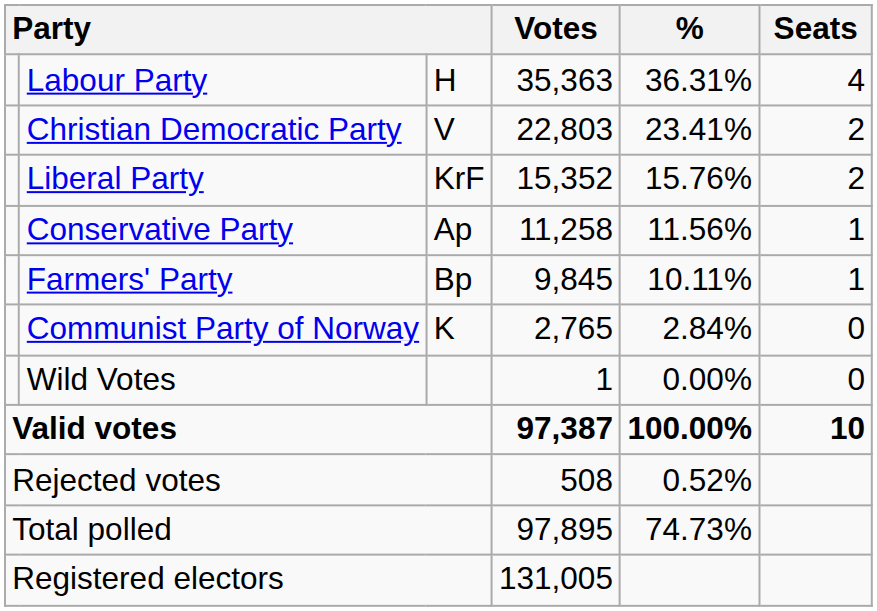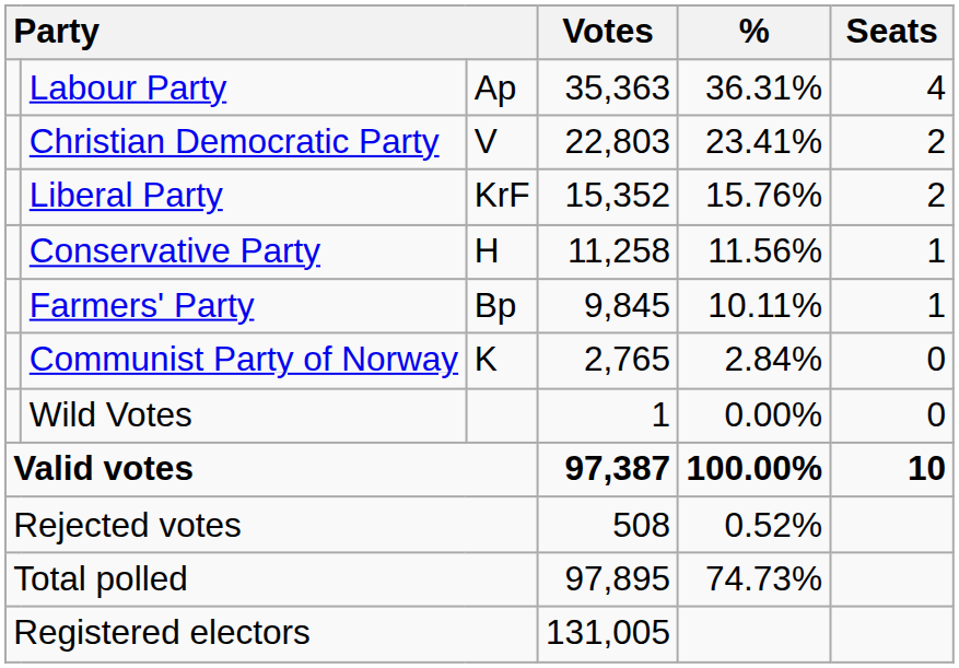 <table class="wikitable" border="1" style="text-align:right;">
 <tr>
 <th style="text-align:left;" colspan=3>Party</th>
 <th align=center width="50">Votes</th>
 <th align=center width="50">%</th>
 <th align=center width="50">Seats</th>
 </tr>
 <tr>
 <td style="color:inherit;background:"></td>
 <td align=left><a href='#'>Labour Party</a></td>
-<td align=left>H</td>
+<td align=left>Ap</td>
 <td>35,363</td>
 <td>36.31%</td>
 <td>4</td>
 </tr>
 <tr>
 <td style="color:inherit;background:"></td>
 <td align=left><a href='#'>Christian Democratic Party</a></td>
 <td align=left>V</td>
 <td>22,803</td>
 <td>23.41%</td>
 <td>2</td>
 </tr>
 <tr>
 <td style="color:inherit;background:"></td>
 <td align=left><a href='#'>Liberal Party</a></td>
 <td align=left>KrF</td>
 <td>15,352</td>
 <td>15.76%</td>
 <td>2</td>
 </tr>
 <tr>
 <td style="color:inherit;background:"></td>
 <td align=left><a href='#'>Conservative Party</a></td>
-<td align=left>Ap</td>
+<td align=left>H</td>
 <td>11,258</td>
 <td>11.56%</td>
 <td>1</td>
 </tr>
 <tr>
 <td style="color:inherit;background:"></td>
 <td align=left><a href='#'>Farmers' Party</a></td>
 <td align=left>Bp</td>
 <td>9,845</td>
 <td>10.11%</td>
 <td>1</td>
 </tr>
 <tr>
 <td style="color:inherit;background:"></td>
 <td align=left><a href='#'>Communist Party of Norway</a></td>
 <td align=left>K</td>
 <td>2,765</td>
 <td>2.84%</td>
 <td>0</td>
 </tr>
 <tr>
 <td></td>
 <td align=left>Wild Votes</td>
 <td align=left></td>
 <td>1</td>
 <td>0.00%</td>
 <td>0</td>
 </tr>
 <tr style="font-weight:bold">
 <td align=left colspan=3>Valid votes</td>
 <td>97,387</td>
 <td>100.00%</td>
 <td>10</td>
 </tr>
 <tr>
 <td align=left colspan=3>Rejected votes</td>
 <td>508</td>
 <td>0.52%</td>
 <td></td>
 </tr>
 <tr>
 <td align=left colspan=3>Total polled</td>
 <td>97,895</td>
 <td>74.73%</td>
 <td></td>
 </tr>
 <tr>
 <td align=left colspan=3>Registered electors</td>
 <td>131,005</td>
 <td></td>
 <td></td>
 </tr>
 </table>
